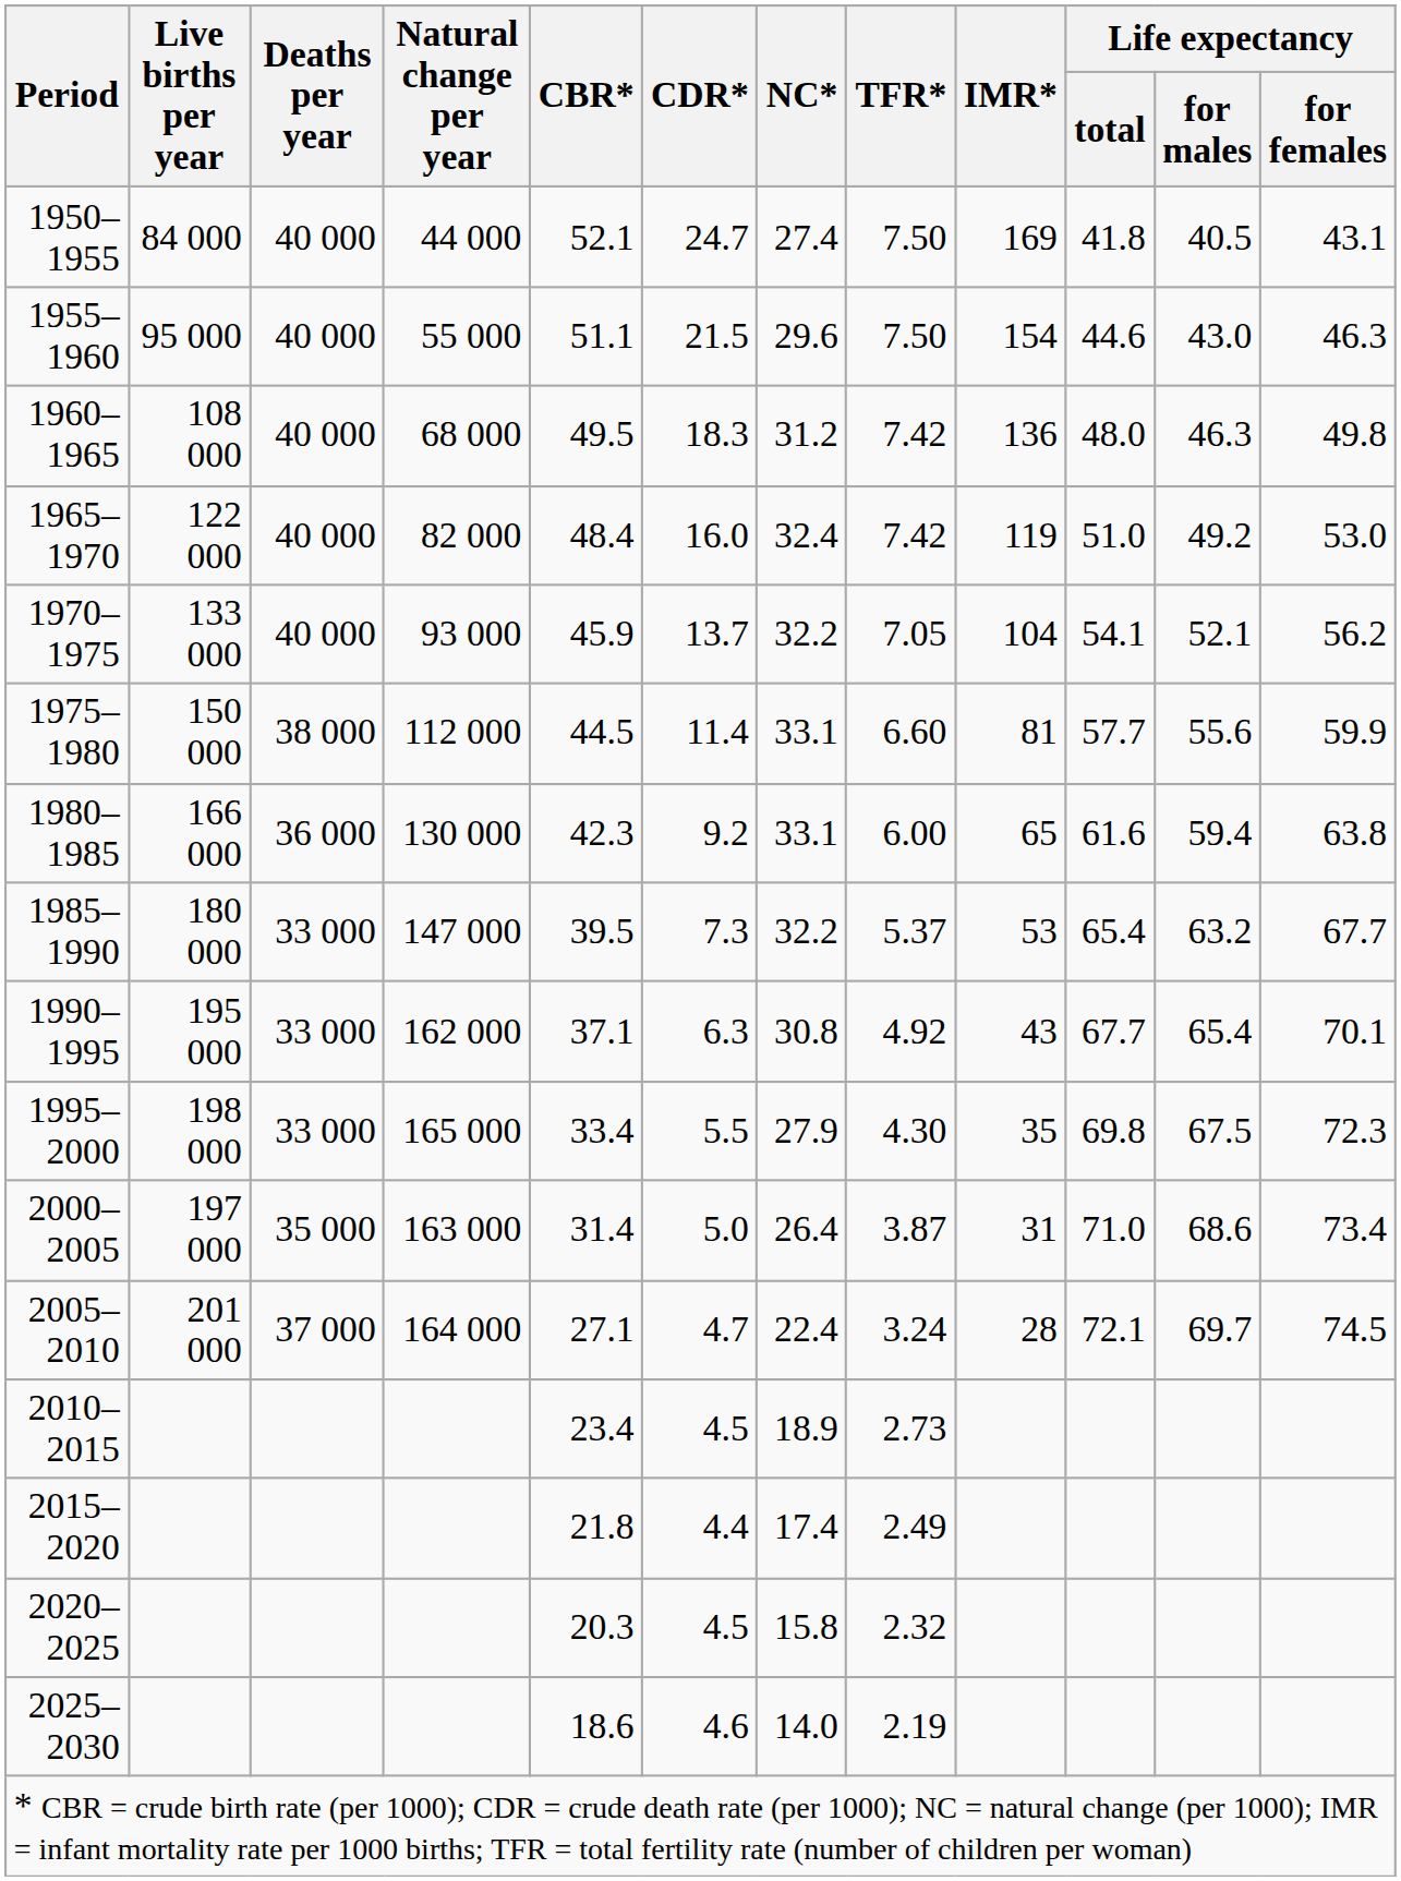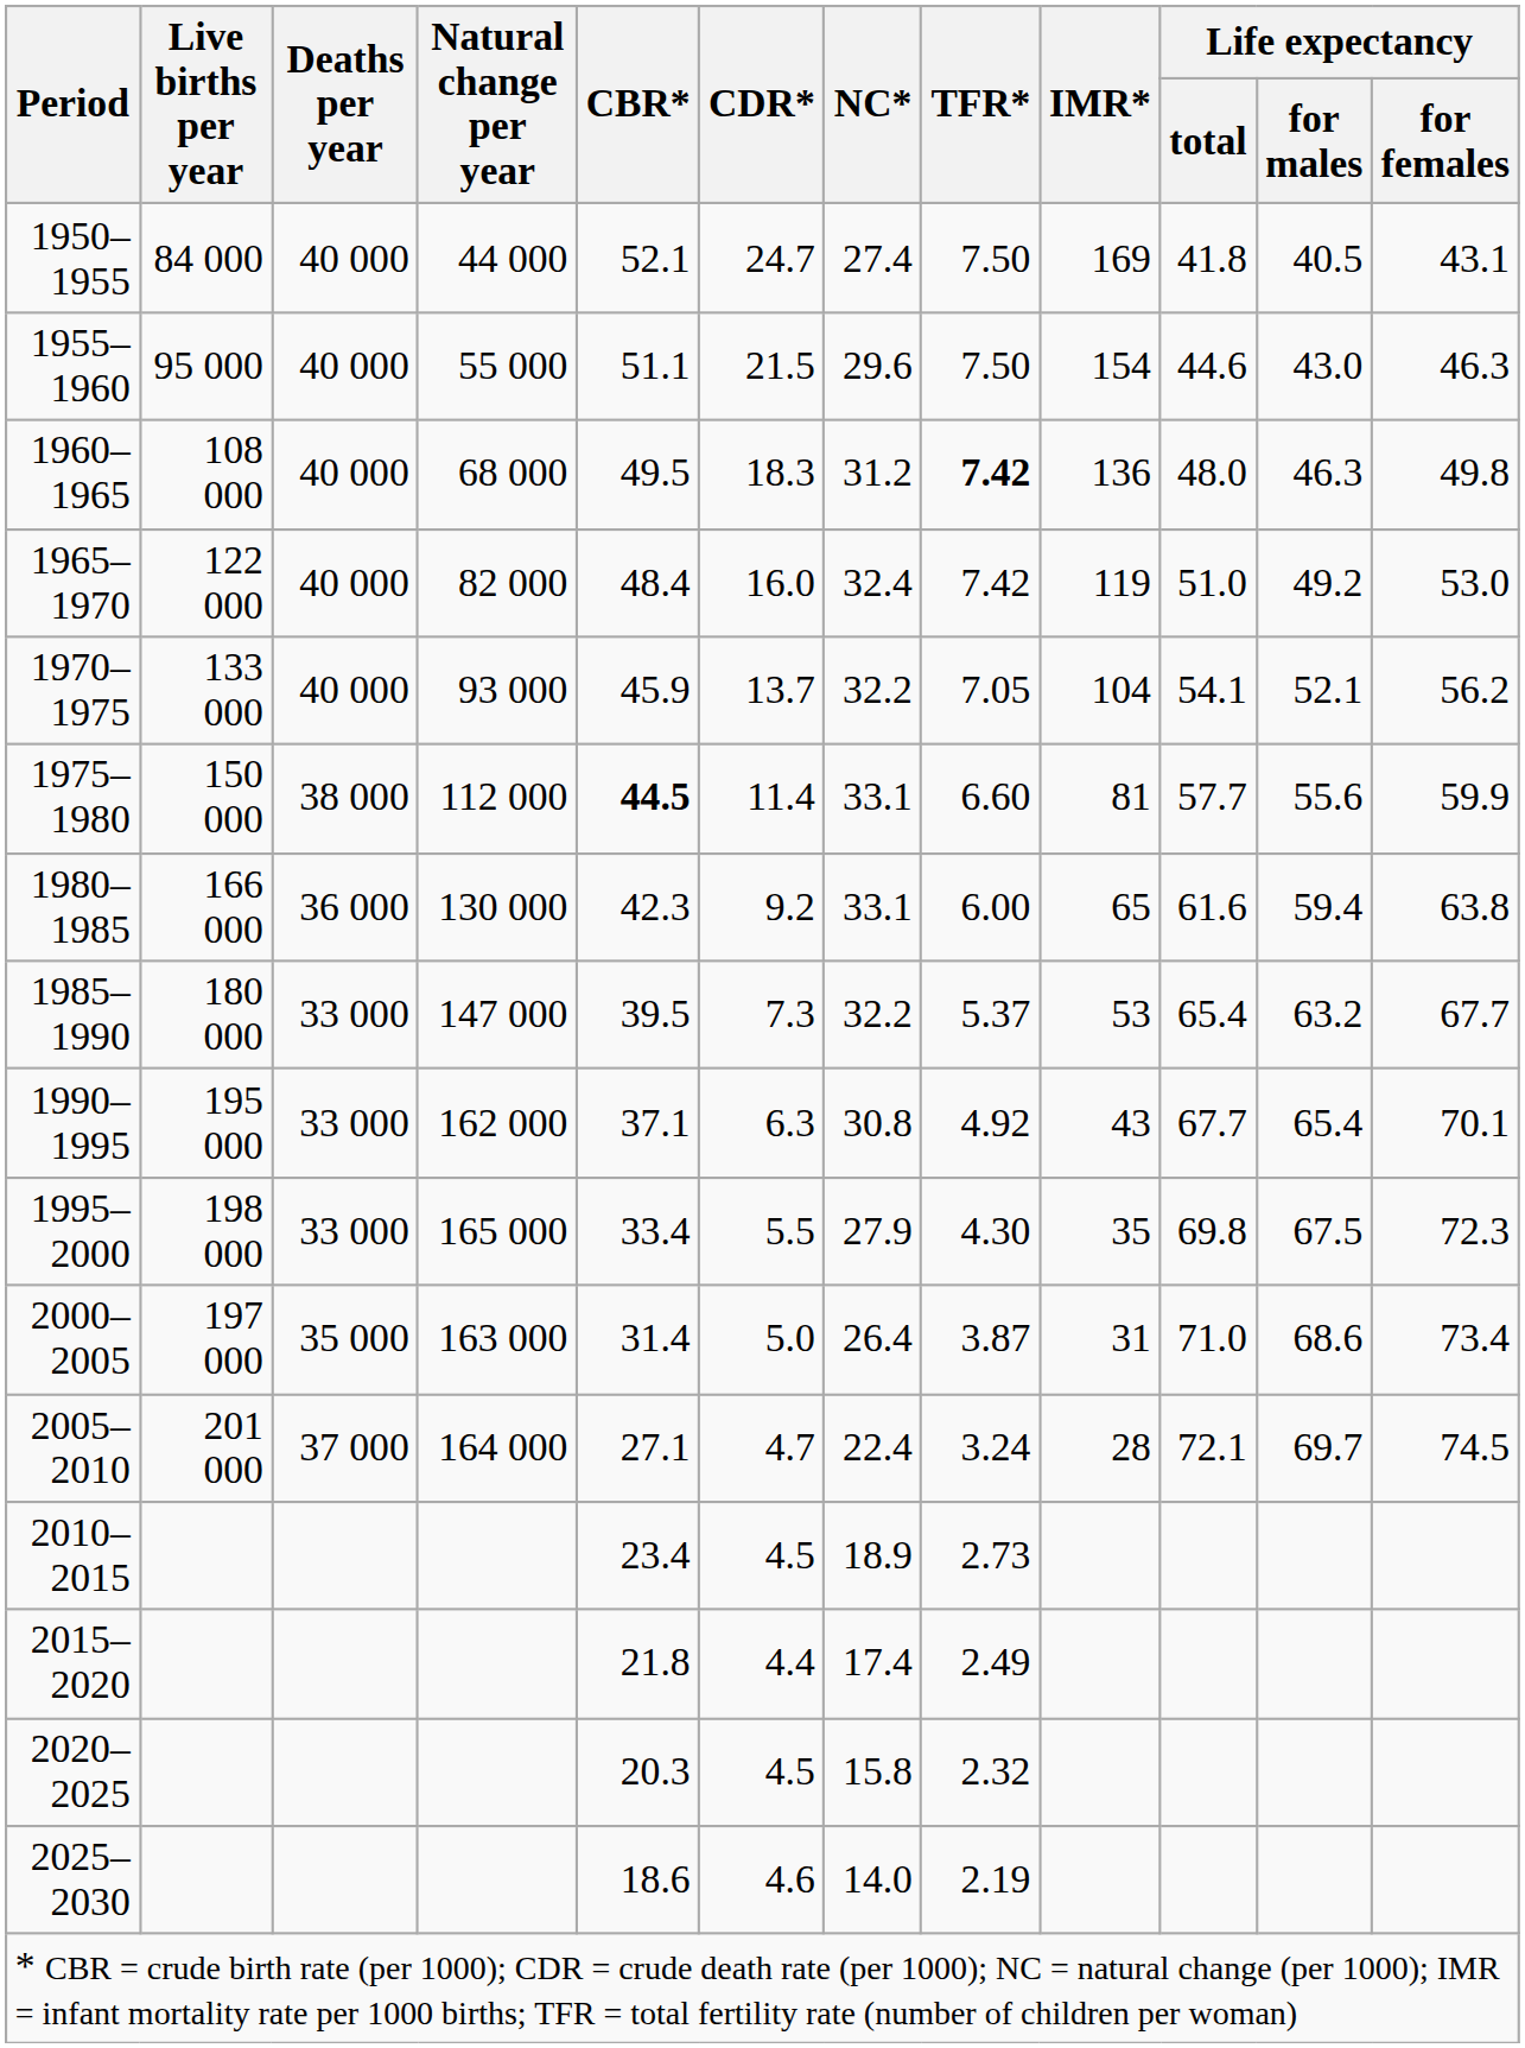 <table class="wikitable" style="text-align: right;">
 <tr>
 <th rowspan=2 width="50pt">Period</th>
 <th rowspan=2 width="70pt">Live births<br>per year</th>
 <th rowspan=2 width="70pt">Deaths<br>per year</th>
 <th rowspan=2 width="70pt">Natural change<br>per year</th>
 <th rowspan=2 width="35pt">CBR*</th>
 <th rowspan=2 width="35pt">CDR*</th>
 <th rowspan=2 width="35pt">NC*</th>
 <th rowspan=2 width="35pt">TFR*</th>
 <th rowspan=2 width="35pt">IMR*</th>
 <th colspan=3>Life expectancy</th>
 </tr>
 <tr>
 <th>total</th>
 <th>for males</th>
 <th>for females</th>
 </tr>
 <tr>
 <td>1950–1955</td>
 <td>84 000</td>
 <td>40 000</td>
 <td>44 000</td>
 <td>52.1</td>
 <td>24.7</td>
 <td>27.4</td>
 <td>7.50</td>
 <td>169</td>
 <td>41.8</td>
 <td>40.5</td>
 <td>43.1</td>
 </tr>
 <tr>
 <td>1955–1960</td>
 <td>95 000</td>
 <td>40 000</td>
 <td>55 000</td>
 <td>51.1</td>
 <td>21.5</td>
 <td>29.6</td>
 <td>7.50</td>
 <td>154</td>
 <td>44.6</td>
 <td>43.0</td>
 <td>46.3</td>
 </tr>
 <tr>
 <td>1960–1965</td>
 <td>108 000</td>
 <td>40 000</td>
 <td>68 000</td>
 <td>49.5</td>
 <td>18.3</td>
 <td>31.2</td>
-<td>7.42</td>
+<td><strong>7.42</strong></td>
 <td>136</td>
 <td>48.0</td>
 <td>46.3</td>
 <td>49.8</td>
 </tr>
 <tr>
 <td>1965–1970</td>
 <td>122 000</td>
 <td>40 000</td>
 <td>82 000</td>
 <td>48.4</td>
 <td>16.0</td>
 <td>32.4</td>
 <td>7.42</td>
 <td>119</td>
 <td>51.0</td>
 <td>49.2</td>
 <td>53.0</td>
 </tr>
 <tr>
 <td>1970–1975</td>
 <td>133 000</td>
 <td>40 000</td>
 <td>93 000</td>
 <td>45.9</td>
 <td>13.7</td>
 <td>32.2</td>
 <td>7.05</td>
 <td>104</td>
 <td>54.1</td>
 <td>52.1</td>
 <td>56.2</td>
 </tr>
 <tr>
 <td>1975–1980</td>
 <td>150 000</td>
 <td>38 000</td>
 <td>112 000</td>
-<td>44.5</td>
+<td><strong>44.5</strong></td>
 <td>11.4</td>
 <td>33.1</td>
 <td>6.60</td>
 <td>81</td>
 <td>57.7</td>
 <td>55.6</td>
 <td>59.9</td>
 </tr>
 <tr>
 <td>1980–1985</td>
 <td>166 000</td>
 <td>36 000</td>
 <td>130 000</td>
 <td>42.3</td>
 <td>9.2</td>
 <td>33.1</td>
 <td>6.00</td>
 <td>65</td>
 <td>61.6</td>
 <td>59.4</td>
 <td>63.8</td>
 </tr>
 <tr>
 <td>1985–1990</td>
 <td>180 000</td>
 <td>33 000</td>
 <td>147 000</td>
 <td>39.5</td>
 <td>7.3</td>
 <td>32.2</td>
 <td>5.37</td>
 <td>53</td>
 <td>65.4</td>
 <td>63.2</td>
 <td>67.7</td>
 </tr>
 <tr>
 <td>1990–1995</td>
 <td>195 000</td>
 <td>33 000</td>
 <td>162 000</td>
 <td>37.1</td>
 <td>6.3</td>
 <td>30.8</td>
 <td>4.92</td>
 <td>43</td>
 <td>67.7</td>
 <td>65.4</td>
 <td>70.1</td>
 </tr>
 <tr>
 <td>1995–2000</td>
 <td>198 000</td>
 <td>33 000</td>
 <td>165 000</td>
 <td>33.4</td>
 <td>5.5</td>
 <td>27.9</td>
 <td>4.30</td>
 <td>35</td>
 <td>69.8</td>
 <td>67.5</td>
 <td>72.3</td>
 </tr>
 <tr>
 <td>2000–2005</td>
 <td>197 000</td>
 <td>35 000</td>
 <td>163 000</td>
 <td>31.4</td>
 <td>5.0</td>
 <td>26.4</td>
 <td>3.87</td>
 <td>31</td>
 <td>71.0</td>
 <td>68.6</td>
 <td>73.4</td>
 </tr>
 <tr>
 <td>2005–2010</td>
 <td>201 000</td>
 <td>37 000</td>
 <td>164 000</td>
 <td>27.1</td>
 <td>4.7</td>
 <td>22.4</td>
 <td>3.24</td>
 <td>28</td>
 <td>72.1</td>
 <td>69.7</td>
 <td>74.5</td>
 </tr>
 <tr>
 <td>2010–2015</td>
 <td></td>
 <td></td>
 <td></td>
 <td>23.4</td>
 <td>4.5</td>
 <td>18.9</td>
 <td>2.73</td>
 <td></td>
 <td></td>
 <td></td>
 <td></td>
 </tr>
 <tr>
 <td>2015–2020</td>
 <td></td>
 <td></td>
 <td></td>
 <td>21.8</td>
 <td>4.4</td>
 <td>17.4</td>
 <td>2.49</td>
 <td></td>
 <td></td>
 <td></td>
 <td></td>
 </tr>
 <tr>
 <td>2020–2025</td>
 <td></td>
 <td></td>
 <td></td>
 <td>20.3</td>
 <td>4.5</td>
 <td>15.8</td>
 <td>2.32</td>
 <td></td>
 <td></td>
 <td></td>
 <td></td>
 </tr>
 <tr>
 <td>2025–2030</td>
 <td></td>
 <td></td>
 <td></td>
 <td>18.6</td>
 <td>4.6</td>
 <td>14.0</td>
 <td>2.19</td>
 <td></td>
 <td></td>
 <td></td>
 <td></td>
 </tr>
 <tr>
 <td align="left" colspan="12">* <small> CBR = crude birth rate (per 1000); CDR = crude death rate (per 1000); NC = natural change (per 1000); IMR = infant mortality rate per 1000 births; TFR = total fertility rate (number of children per woman)</small></td>
 </tr>
 </table>
